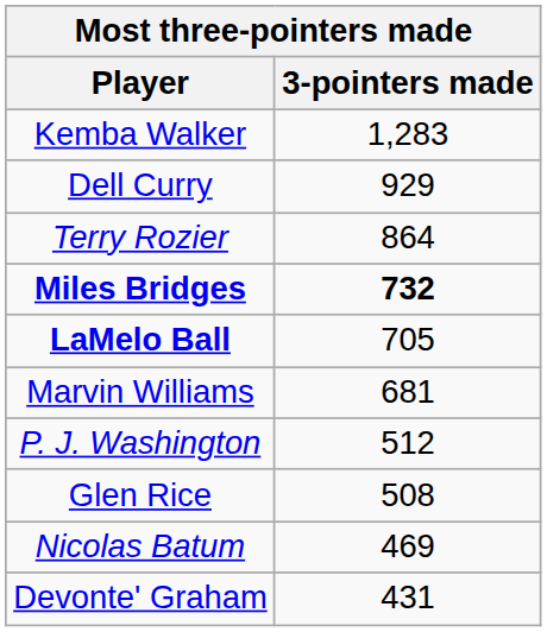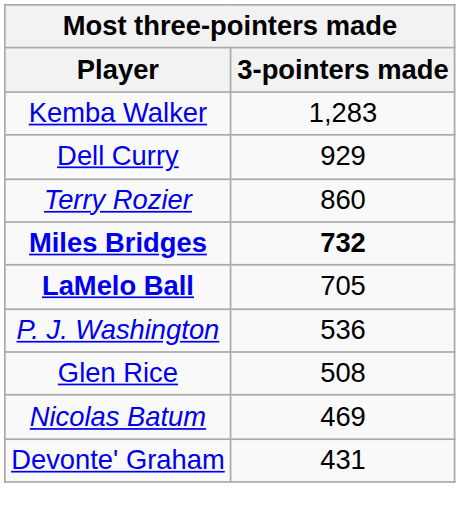 <table class="wikitable sortable" style="text-align:center">
 <tr>
 <th colspan="2" style="text-align:center; ">Most three-pointers made</th>
 </tr>
 <tr>
 <th style="text-align:center; ">Player</th>
 <th style="text-align:center; ">3-pointers made</th>
 </tr>
 <tr>
 <td><a href='#'>Kemba Walker</a></td>
 <td>1,283</td>
 </tr>
 <tr>
 <td><a href='#'>Dell Curry</a></td>
 <td>929</td>
 </tr>
 <tr>
 <td><em><a href='#'>Terry Rozier</a></em></td>
-<td>864</td>
+<td>860</td>
 </tr>
 <tr>
 <td><strong><a href='#'>Miles Bridges</a></strong></td>
 <td><strong>732</strong></td>
 </tr>
 <tr>
 <td><strong><a href='#'>LaMelo Ball</a></strong></td>
 <td>705</td>
 </tr>
 <tr>
-<td><a href='#'>Marvin Williams</a></td>
-<td>681</td>
-</tr>
-<tr>
 <td><em><a href='#'>P. J. Washington</a></em></td>
-<td>512</td>
+<td>536</td>
 </tr>
 <tr>
 <td><a href='#'>Glen Rice</a></td>
 <td>508</td>
 </tr>
 <tr>
 <td><em><a href='#'>Nicolas Batum</a></td>
 <td>469</td>
 </tr>
 <tr>
 <td><a href='#'>Devonte' Graham</a></td>
 <td>431</td>
 </tr>
 </table>
